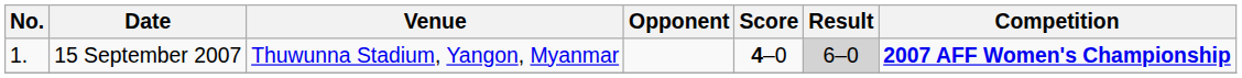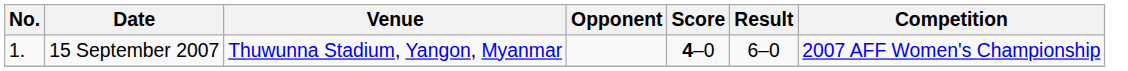 <table class="wikitable">
 <tr>
 <th>No.</th>
 <th>Date</th>
 <th>Venue</th>
 <th>Opponent</th>
 <th>Score</th>
 <th>Result</th>
 <th>Competition</th>
 </tr>
 <tr>
 <td>1.</td>
 <td>15 September 2007</td>
 <td><a href='#'>Thuwunna Stadium</a>, <a href='#'>Yangon</a>, <a href='#'>Myanmar</a></td>
 <td></td>
 <td align=center><strong>4</strong>–0</td>
-<td align=center style="background: lightgrey;">6–0</td>
-<td><strong><a href='#'>2007 AFF Women's Championship</a></strong></td>
+<td align=center>6–0</td>
+<td><a href='#'>2007 AFF Women's Championship</a></td>
 </tr>
 <tr>
 </tr>
 </table>
